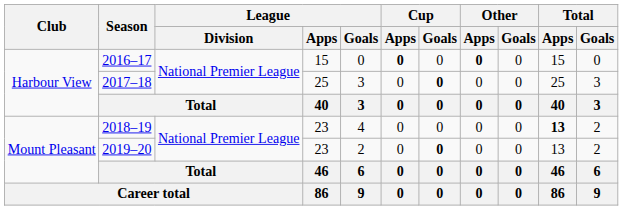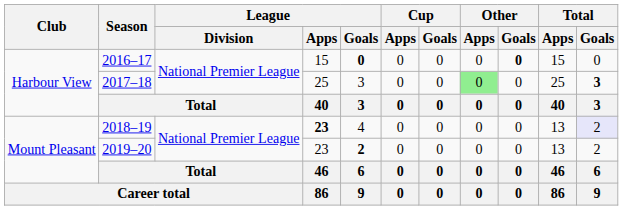 <table class="wikitable" style="text-align: center">
 <tr>
 <th rowspan="2">Club</th>
 <th rowspan="2">Season</th>
 <th colspan="3">League</th>
 <th colspan="2">Cup</th>
 <th colspan="2">Other</th>
 <th colspan="2">Total</th>
 </tr>
 <tr>
 <th>Division</th>
 <th>Apps</th>
 <th>Goals</th>
 <th>Apps</th>
 <th>Goals</th>
 <th>Apps</th>
 <th>Goals</th>
 <th>Apps</th>
 <th>Goals</th>
 </tr>
 <tr>
 <td rowspan="3"><a href='#'>Harbour View</a></td>
 <td><a href='#'>2016–17</a></td>
 <td rowspan="2"><a href='#'>National Premier League</a></td>
 <td>15</td>
+<td><strong>0</strong></td>
+<td>0</td>
+<td>0</td>
 <td>0</td>
 <td><strong>0</strong></td>
-<td>0</td>
-<td><strong>0</strong></td>
-<td>0</td>
 <td>15</td>
 <td>0</td>
 </tr>
 <tr>
 <td><a href='#'>2017–18</a></td>
 <td>25</td>
 <td>3</td>
 <td>0</td>
-<td><strong>0</strong></td>
 <td>0</td>
+<td style="background: lightgreen;">0</td>
 <td>0</td>
 <td>25</td>
-<td>3</td>
+<td><strong>3</strong></td>
 </tr>
 <tr>
 <th colspan="2"><strong>Total</strong></th>
 <th>40</th>
 <th>3</th>
 <th>0</th>
 <th>0</th>
 <th>0</th>
 <th>0</th>
 <th>40</th>
 <th>3</th>
 </tr>
 <tr>
 <td rowspan="3"><a href='#'>Mount Pleasant</a></td>
 <td><a href='#'>2018–19</a></td>
 <td rowspan="2"><a href='#'>National Premier League</a></td>
-<td>23</td>
+<td><strong>23</strong></td>
 <td>4</td>
 <td>0</td>
 <td>0</td>
 <td>0</td>
 <td>0</td>
-<td><strong>13</strong></td>
-<td>2</td>
+<td>13</td>
+<td style="background: lavender;">2</td>
 </tr>
 <tr>
 <td><a href='#'>2019–20</a></td>
 <td>23</td>
-<td>2</td>
+<td><strong>2</strong></td>
 <td>0</td>
-<td><strong>0</strong></td>
+<td>0</td>
 <td>0</td>
 <td>0</td>
 <td>13</td>
 <td>2</td>
 </tr>
 <tr>
 <th colspan="2"><strong>Total</strong></th>
 <th>46</th>
 <th>6</th>
 <th>0</th>
 <th>0</th>
 <th>0</th>
 <th>0</th>
 <th>46</th>
 <th>6</th>
 </tr>
 <tr>
 <th colspan="3"><strong>Career total</strong></th>
 <th>86</th>
 <th>9</th>
 <th>0</th>
 <th>0</th>
 <th>0</th>
 <th>0</th>
 <th>86</th>
 <th>9</th>
 </tr>
 </table>
